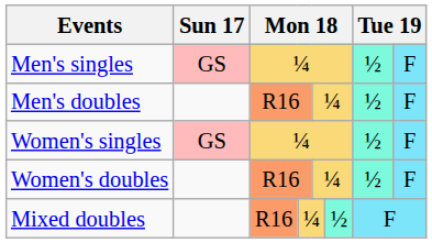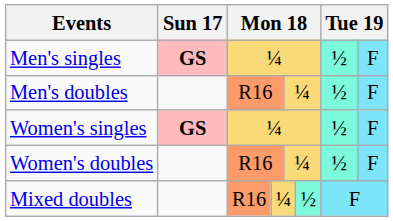 <table class="wikitable" style="margin:0.5em auto; font-size:90%; line-height:1.25em; text-align:center">
 <tr>
 <th>Events</th>
 <th>Sun 17</th>
 <th colspan="6">Mon 18</th>
 <th colspan="2">Tue 19</th>
 </tr>
 <tr style="text-align:center;">
 <td style="text-align:left;"><a href='#'>Men's singles</a></td>
-<td style="background-color:#FFBBBB;text-align:center;">GS</td>
+<td style="background-color:#FFBBBB;text-align:center;"><strong>GS</strong></td>
 <td colspan="6" style="background-color:#FAD978;text-align:center;">¼</td>
 <td style="background-color:#7DFADB;text-align:center;">½</td>
 <td style="background-color:#7DE5FA;text-align:center;">F</td>
 </tr>
 <tr style="text-align:center;">
 <td style="text-align:left;"><a href='#'>Men's doubles</a></td>
 <td></td>
 <td colspan="3" style="background-color:#FC9B6A;text-align:center;">R16</td>
 <td colspan="3" style="background-color:#FAD978;text-align:center;">¼</td>
 <td style="background-color:#7DFADB;text-align:center;">½</td>
 <td style="background-color:#7DE5FA;text-align:center;">F</td>
 </tr>
 <tr style="text-align:center;">
 <td style="text-align:left;"><a href='#'>Women's singles</a></td>
-<td style="background-color:#FFBBBB;text-align:center;">GS</td>
+<td style="background-color:#FFBBBB;text-align:center;"><strong>GS</strong></td>
 <td colspan="6" style="background-color:#FAD978;text-align:center;">¼</td>
 <td style="background-color:#7DFADB;text-align:center;">½</td>
 <td style="background-color:#7DE5FA;text-align:center;">F</td>
 </tr>
 <tr style="text-align:center;">
 <td style="text-align:left;"><a href='#'>Women's doubles</a></td>
 <td></td>
 <td colspan="3" style="background-color:#FC9B6A;text-align:center;">R16</td>
 <td colspan="3" style="background-color:#FAD978;text-align:center;">¼</td>
 <td style="background-color:#7DFADB;text-align:center;">½</td>
 <td style="background-color:#7DE5FA;text-align:center;">F</td>
 </tr>
 <tr style="text-align:center;">
 <td style="text-align:left;"><a href='#'>Mixed doubles</a></td>
 <td></td>
 <td colspan="2" style="background-color:#FC9B6A;text-align:center;">R16</td>
 <td colspan="2" style="background-color:#FAD978;text-align:center;">¼</td>
 <td colspan="2" style="background-color:#7DFADB;text-align:center;">½</td>
 <td colspan="2" style="background-color:#7DE5FA;text-align:center;">F</td>
 </tr>
 </table>
